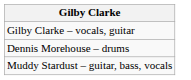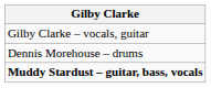 <table class="wikitable">
 <tr>
 <th>Gilby Clarke</th>
 </tr>
 <tr>
 <td>Gilby Clarke – vocals, guitar</td>
 </tr>
 <tr>
 <td>Dennis Morehouse – drums</td>
 </tr>
 <tr>
-<td>Muddy Stardust – guitar, bass, vocals</td>
+<td><strong>Muddy Stardust – guitar, bass, vocals</strong></td>
 </tr>
 </table>
